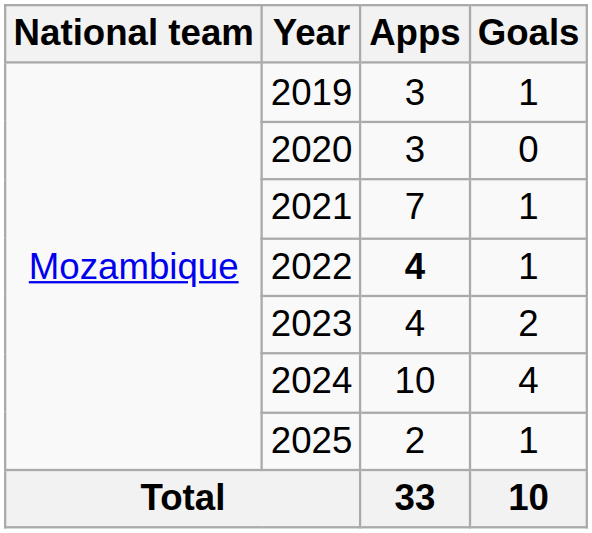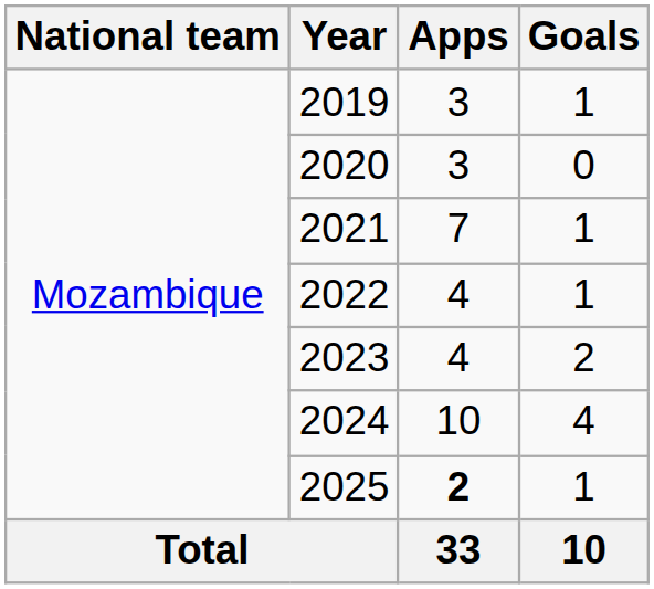 <table class=wikitable style=text-align:center>
 <tr>
 <th>National team</th>
 <th>Year</th>
 <th>Apps</th>
 <th>Goals</th>
 </tr>
 <tr>
 <td rowspan="7"><a href='#'>Mozambique</a></td>
 <td>2019</td>
 <td>3</td>
 <td>1</td>
 </tr>
 <tr>
 <td>2020</td>
 <td>3</td>
 <td>0</td>
 </tr>
 <tr>
 <td>2021</td>
 <td>7</td>
 <td>1</td>
 </tr>
 <tr>
 <td>2022</td>
-<td><strong>4</strong></td>
+<td>4</td>
 <td>1</td>
 </tr>
 <tr>
 <td>2023</td>
 <td>4</td>
 <td>2</td>
 </tr>
 <tr>
 <td>2024</td>
 <td>10</td>
 <td>4</td>
 </tr>
 <tr>
 <td>2025</td>
-<td>2</td>
+<td><strong>2</strong></td>
 <td>1</td>
 </tr>
 <tr>
 <th colspan=2>Total</th>
 <th>33</th>
 <th>10</th>
 </tr>
 </table>
